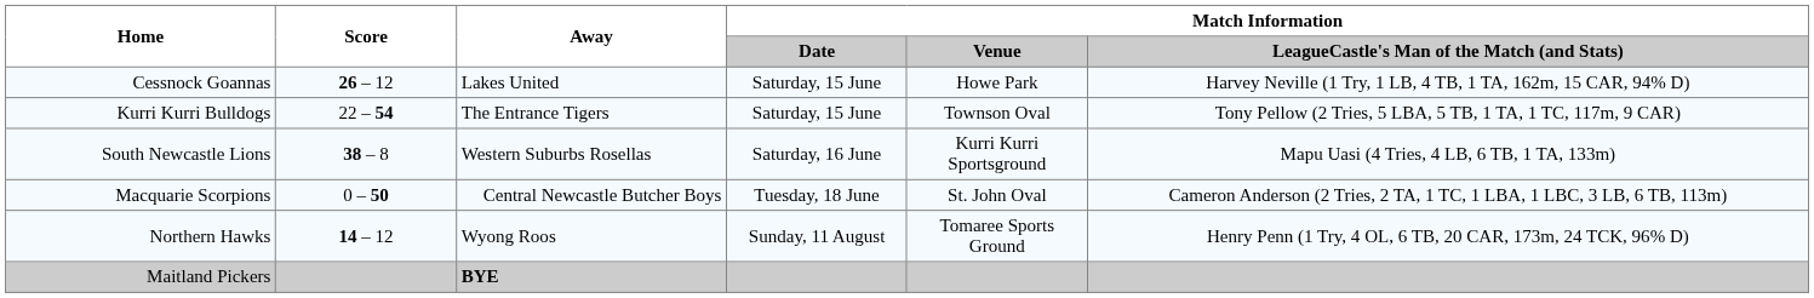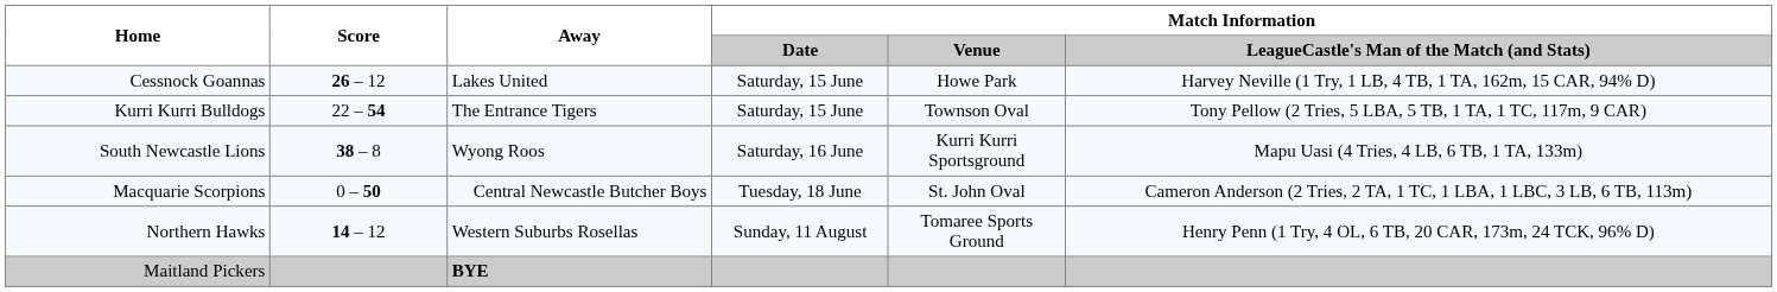 <table width="100%" cellspacing="0" cellpadding="4" border="1" style="border-collapse:collapse;  text-align:center;">
 <tr>
 <th rowspan="2" width="15%">Home</th>
 <th rowspan="2" width="10%">Score</th>
 <th rowspan="2" width="15%">Away</th>
 <th colspan="4">Match Information</th>
 </tr>
 <tr style="background:#CCCCCC">
 <th width="10%">Date</th>
 <th width="10%">Venue</th>
 <th width="40%">LeagueCastle's Man of the Match (and Stats)</th>
 </tr>
 <tr style="text-align:center; background:#f5faff;">
 <td align="right"> Cessnock Goannas</td>
 <td><strong>26</strong> – 12</td>
 <td align="left"> Lakes United</td>
 <td>Saturday, 15 June</td>
 <td>Howe Park</td>
 <td>Harvey Neville  (1 Try, 1 LB, 4 TB, 1 TA, 162m, 15 CAR, 94% D)</td>
 </tr>
 <tr style="text-align:center; background:#f5faff;">
 <td align="right"> Kurri Kurri Bulldogs</td>
 <td>22 – <strong>54</strong></td>
 <td align="left"> The Entrance Tigers</td>
 <td>Saturday, 15 June</td>
 <td>Townson Oval</td>
 <td>Tony Pellow  (2 Tries, 5 LBA, 5 TB, 1 TA, 1 TC, 117m, 9 CAR)</td>
 </tr>
 <tr style="text-align:center; background:#f5faff;">
 <td align="right"> South Newcastle Lions</td>
 <td><strong>38</strong> – 8</td>
-<td align="left"> Western Suburbs Rosellas</td>
+<td align="left"> Wyong Roos</td>
 <td>Saturday, 16 June</td>
 <td>Kurri Kurri Sportsground</td>
 <td>Mapu Uasi  (4 Tries, 4 LB, 6 TB, 1 TA, 133m)</td>
 </tr>
 <tr style="text-align:center; background:#f5faff;">
 <td align="right"> Macquarie Scorpions</td>
 <td>0 – <strong>50</strong></td>
 <td align="right"> Central Newcastle Butcher Boys</td>
 <td>Tuesday, 18 June</td>
 <td>St. John Oval</td>
 <td>Cameron Anderson  (2 Tries, 2 TA, 1 TC, 1 LBA, 1 LBC, 3 LB, 6 TB, 113m)</td>
 </tr>
 <tr style="text-align:center; background:#f5faff;">
 <td align="right"> Northern Hawks</td>
 <td><strong>14</strong> – 12</td>
-<td align="left"> Wyong Roos</td>
+<td align="left"> Western Suburbs Rosellas</td>
 <td>Sunday, 11 August</td>
 <td>Tomaree Sports Ground</td>
 <td>Henry Penn  (1 Try, 4 OL, 6 TB, 20 CAR, 173m, 24 TCK, 96% D)</td>
 </tr>
 <tr style="text-align:center; background:#CCCCCC;">
 <td align="right"> Maitland Pickers</td>
 <td></td>
 <td align="left"><strong>BYE</strong></td>
 <td></td>
 <td></td>
 <td></td>
 </tr>
 </table>
